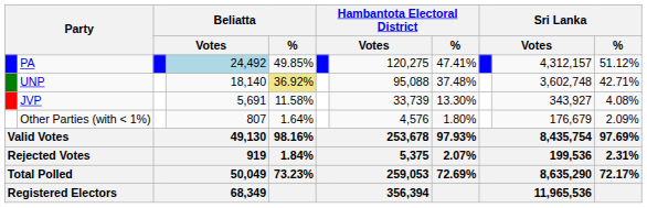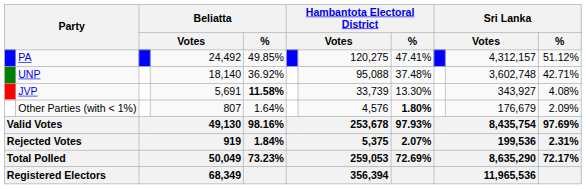 <table class="wikitable">
 <tr>
 <th colspan="2" width="144px"rowspan="2">Party</th>
 <th colspan="3" width="216px">Beliatta</th>
 <th colspan="3" width="216px"><a href='#'>Hambantota Electoral District</a></th>
 <th colspan="3" width="216px">Sri Lanka</th>
 </tr>
 <tr>
 <th colspan="2" width="144px">Votes</th>
 <th>%</th>
 <th colspan="2" width="144px">Votes</th>
 <th>%</th>
 <th colspan="2" width="144px">Votes</th>
 <th>%</th>
 </tr>
 <tr>
 <td style="background-color:blue;" width="10px"></td>
 <td style="text-align:left;"><a href='#'>PA</a></td>
 <td style="background-color:blue;" width="10px"></td>
-<td style="background: lightblue; text-align:right;">24,492</td>
+<td style="text-align:right;">24,492</td>
 <td style="text-align:right;">49.85%</td>
 <td style="background-color:blue;" width="10px"></td>
 <td style="text-align:right;">120,275</td>
 <td style="text-align:right;">47.41%</td>
 <td style="background-color:blue;" width="10px"></td>
 <td style="text-align:right;">4,312,157</td>
 <td style="text-align:right;">51.12%</td>
 </tr>
 <tr>
 <td style="background-color:green;" width="10px"></td>
 <td style="text-align:left;"><a href='#'>UNP</a></td>
 <td style="background-color:white;" width="10px"></td>
 <td style="text-align:right;">18,140</td>
-<td style="background: khaki; text-align:right;">36.92%</td>
+<td style="text-align:right;">36.92%</td>
 <td style="background-color:white;" width="10px"></td>
 <td style="text-align:right;">95,088</td>
 <td style="text-align:right;">37.48%</td>
 <td style="background-color:white;" width="10px"></td>
 <td style="text-align:right;">3,602,748</td>
 <td style="text-align:right;">42.71%</td>
 </tr>
 <tr>
 <td style="background-color:red;" width="10px"></td>
 <td style="text-align:left;"><a href='#'>JVP</a></td>
 <td style="background-color:white;" width="10px"></td>
 <td style="text-align:right;">5,691</td>
-<td style="text-align:right;">11.58%</td>
+<td style="text-align:right;"><strong>11.58%</strong></td>
 <td style="background-color:white;" width="10px"></td>
 <td style="text-align:right;">33,739</td>
 <td style="text-align:right;">13.30%</td>
 <td style="background-color:white;" width="10px"></td>
 <td style="text-align:right;">343,927</td>
 <td style="text-align:right;">4.08%</td>
 </tr>
 <tr>
 <td style="background-color:white;" width="10px"></td>
 <td style="text-align:left;">Other Parties (with < 1%)</td>
 <td style="background-color:white;" width="10px"></td>
 <td style="text-align:right;">807</td>
 <td style="text-align:right;">1.64%</td>
 <td style="background-color:white;" width="10px"></td>
 <td style="text-align:right;">4,576</td>
-<td style="text-align:right;">1.80%</td>
+<td style="text-align:right;"><strong>1.80%</strong></td>
 <td style="background-color:white;" width="10px"></td>
 <td style="text-align:right;">176,679</td>
 <td style="text-align:right;">2.09%</td>
 </tr>
 <tr>
 <th colspan="2" width="144px"style="text-align:left;">Valid Votes</th>
 <th style="text-align:right;"colspan="2" width="144px">49,130</th>
 <th style="text-align:right;">98.16%</th>
 <th style="text-align:right;"colspan="2" width="144px">253,678</th>
 <th style="text-align:right;">97.93%</th>
 <th style="text-align:right;"colspan="2" width="144px">8,435,754</th>
 <th style="text-align:right;">97.69%</th>
 </tr>
 <tr>
 <th colspan="2" width="144px"style="text-align:left;">Rejected Votes</th>
 <th style="text-align:right;"colspan="2" width="144px">919</th>
 <th style="text-align:right;">1.84%</th>
 <th style="text-align:right;"colspan="2" width="144px">5,375</th>
 <th style="text-align:right;">2.07%</th>
 <th style="text-align:right;"colspan="2" width="144px">199,536</th>
 <th style="text-align:right;">2.31%</th>
 </tr>
 <tr>
 <th colspan="2" width="144px"style="text-align:left;">Total Polled</th>
 <th style="text-align:right;"colspan="2" width="144px">50,049</th>
 <th style="text-align:right;">73.23%</th>
 <th style="text-align:right;"colspan="2" width="144px">259,053</th>
 <th style="text-align:right;">72.69%</th>
 <th style="text-align:right;"colspan="2" width="144px">8,635,290</th>
 <th style="text-align:right;">72.17%</th>
 </tr>
 <tr>
 <th colspan="2" width="144px"style="text-align:left;">Registered Electors</th>
 <th style="text-align:right;"colspan="2" width="144px">68,349</th>
 <th></th>
 <th style="text-align:right;"colspan="2" width="144px">356,394</th>
 <th></th>
 <th style="text-align:right;"colspan="2" width="144px">11,965,536</th>
 <th></th>
 </tr>
 </table>
